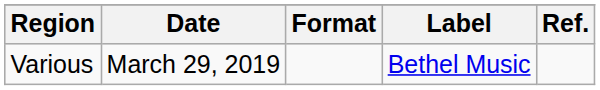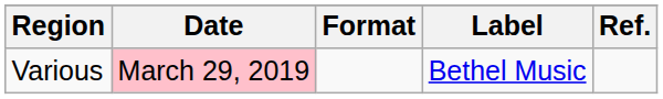 <table class="wikitable plainrowheaders">
 <tr>
 </tr>
 <tr>
 <th scope="col">Region</th>
 <th scope="col">Date</th>
 <th scope="col">Format</th>
 <th scope="col">Label</th>
 <th scope="col">Ref.</th>
 </tr>
 <tr>
 <td>Various</td>
-<td>March 29, 2019</td>
+<td style="background: pink;">March 29, 2019</td>
 <td></td>
 <td><a href='#'>Bethel Music</a></td>
 <td></td>
 </tr>
 </table>
